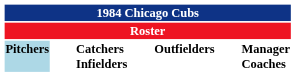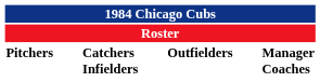 <table class="toccolours" style="font-size: 95%;">
 <tr>
 <th colspan="10" style="background:#0e3386; color:#fff; text-align:center;">1984 Chicago Cubs</th>
 </tr>
 <tr>
 <td colspan="10" style="background:#ee1422; color:#fff; text-align:center;"><strong>Roster</strong></td>
 </tr>
 <tr>
-<td valign="top" style="background: lightblue;"><strong>Pitchers</strong><br>                 </td>
+<td valign="top"><strong>Pitchers</strong><br>                 </td>
 <td style="width:25px;"></td>
 <td valign="top"><strong>Catchers</strong><br>   <strong>Infielders</strong>         </td>
 <td style="width:25px;"></td>
 <td valign="top"><strong>Outfielders</strong><br>         </td>
 <td style="width:25px;"></td>
 <td valign="top"><strong>Manager</strong><br> <strong>Coaches</strong>     </td>
 </tr>
 </table>
